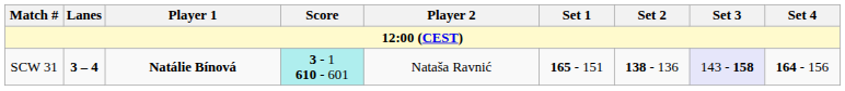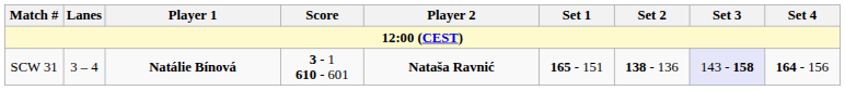 <table class="wikitable">
 <tr>
 <th width="7%">Match #</th>
 <th width="5%">Lanes</th>
 <th width="21%">Player 1</th>
 <th width="10%">Score</th>
 <th width="21%">Player 2</th>
 <th width="9%">Set 1</th>
 <th width="9%">Set 2</th>
 <th width="9%">Set 3</th>
 <th width="9%">Set 4</th>
 </tr>
 <tr>
 <td colspan="9" style="text-align:center; background-color:#FFFACD"><strong>12:00 (<a href='#'>CEST</a>)</strong></td>
 </tr>
 <tr style="text-align:center;">
 <td>SCW 31</td>
-<td><strong>3 – 4</strong></td>
+<td>3 – 4</td>
 <td> <strong>Natálie Bínová</strong></td>
-<td style="background: paleturquoise;"><strong>3</strong> - 1 <br> <strong>610</strong> - 601</td>
-<td> Nataša Ravnić</td>
+<td><strong>3</strong> - 1 <br> <strong>610</strong> - 601</td>
+<td><strong> Nataša Ravnić</strong></td>
 <td><strong>165</strong> - 151</td>
 <td><strong>138</strong> - 136</td>
 <td style="background: lavender;">143 - <strong>158</strong></td>
 <td><strong>164</strong> - 156</td>
 </tr>
 </table>
